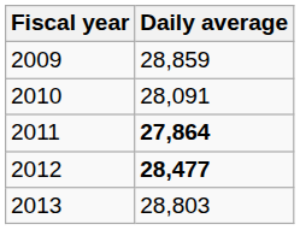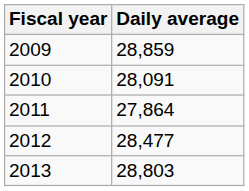 <table class="wikitable">
 <tr>
 <th>Fiscal year</th>
 <th>Daily average</th>
 </tr>
 <tr>
 <td>2009</td>
 <td>28,859</td>
 </tr>
 <tr>
 <td>2010</td>
 <td>28,091</td>
 </tr>
 <tr>
 <td>2011</td>
-<td><strong>27,864</strong></td>
+<td>27,864</td>
 </tr>
 <tr>
 <td>2012</td>
-<td><strong>28,477</strong></td>
+<td>28,477</td>
 </tr>
 <tr>
 <td>2013</td>
 <td>28,803</td>
 </tr>
 </table>
